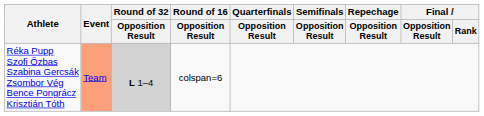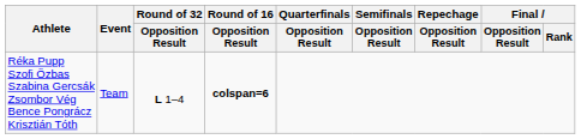 <table class="wikitable" style="font-size:90%">
 <tr>
 <th rowspan="2">Athlete</th>
 <th rowspan="2">Event</th>
 <th>Round of 32</th>
 <th>Round of 16</th>
 <th>Quarterfinals</th>
 <th>Semifinals</th>
 <th>Repechage</th>
 <th colspan=2>Final / </th>
 </tr>
 <tr style="font-size:95%">
 <th>Opposition<br>Result</th>
 <th>Opposition<br>Result</th>
 <th>Opposition<br>Result</th>
 <th>Opposition<br>Result</th>
 <th>Opposition<br>Result</th>
 <th>Opposition<br>Result</th>
 <th>Rank</th>
 </tr>
 <tr align=center>
 <td align=left><a href='#'>Réka Pupp</a><br><a href='#'>Szofi Özbas</a><br><a href='#'>Szabina Gercsák</a><br><a href='#'>Zsombor Vég</a><br><a href='#'>Bence Pongrácz</a><br><a href='#'>Krisztián Tóth</a></td>
-<td align=left style="background: lightsalmon;"><a href='#'>Team</a></td>
-<td style="background: lightgrey;"><br><strong>L</strong> 1–4</td>
-<td>colspan=6 </td>
+<td align=left><a href='#'>Team</a></td>
+<td><br><strong>L</strong> 1–4</td>
+<td><strong>colspan=6 </strong></td>
 </tr>
 </table>
